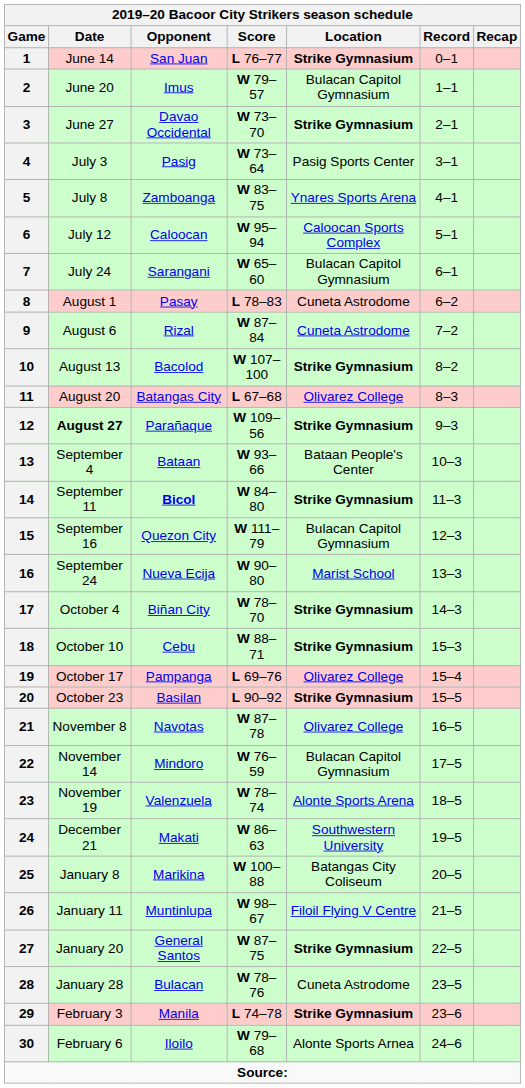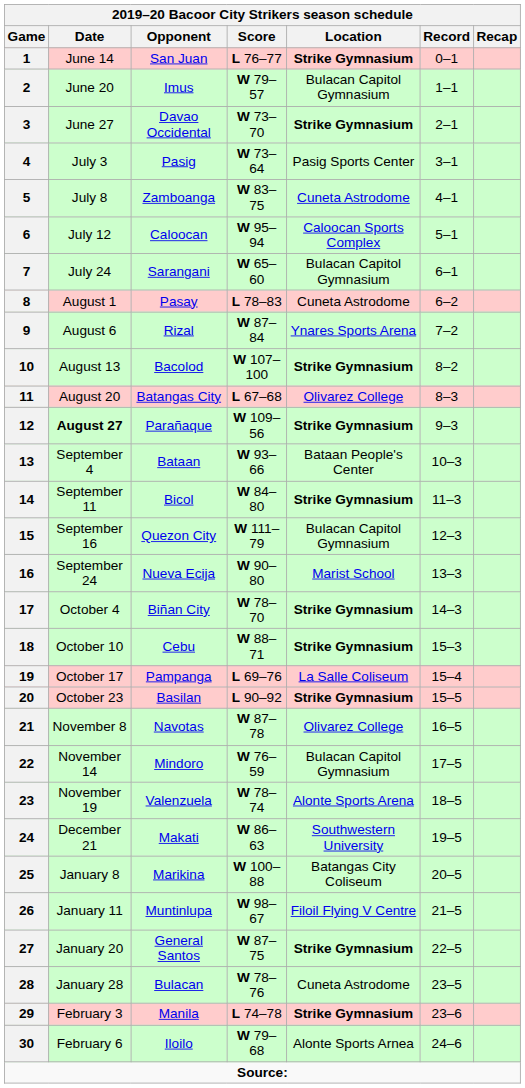 <table class="wikitable" style="text-align:center">
 <tr>
 <th colspan=7>2019–20 Bacoor City Strikers season schedule</th>
 </tr>
 <tr>
 <th>Game</th>
 <th>Date</th>
 <th>Opponent</th>
 <th>Score</th>
 <th>Location</th>
 <th>Record</th>
 <th>Recap<br></th>
 </tr>
 <tr style="background:#fcc">
 <th>1</th>
 <td>June 14</td>
 <td><a href='#'>San Juan</a></td>
 <td><strong>L</strong> 76–77</td>
 <td><strong>Strike Gymnasium</strong></td>
 <td>0–1</td>
 <td></td>
 </tr>
 <tr style="background:#cfc">
 <th>2</th>
 <td>June 20</td>
 <td><a href='#'>Imus</a></td>
 <td><strong>W</strong> 79–57</td>
 <td>Bulacan Capitol Gymnasium</td>
 <td>1–1</td>
 <td></td>
 </tr>
 <tr style="background:#cfc">
 <th>3</th>
 <td>June 27</td>
 <td><a href='#'>Davao Occidental</a></td>
 <td><strong>W</strong> 73–70</td>
 <td><strong>Strike Gymnasium</strong></td>
 <td>2–1</td>
 <td></td>
 </tr>
 <tr style="background:#cfc">
 <th>4</th>
 <td>July 3</td>
 <td><a href='#'>Pasig</a></td>
 <td><strong>W</strong> 73–64</td>
 <td>Pasig Sports Center</td>
 <td>3–1</td>
 <td></td>
 </tr>
 <tr style="background:#cfc">
 <th>5</th>
 <td>July 8</td>
 <td><a href='#'>Zamboanga</a></td>
 <td><strong>W</strong> 83–75</td>
-<td><a href='#'>Ynares Sports Arena</a></td>
+<td><a href='#'>Cuneta Astrodome</a></td>
 <td>4–1</td>
 <td></td>
 </tr>
 <tr style="background:#cfc">
 <th>6</th>
 <td>July 12</td>
 <td><a href='#'>Caloocan</a></td>
 <td><strong>W</strong> 95–94</td>
 <td><a href='#'>Caloocan Sports Complex</a></td>
 <td>5–1</td>
 <td></td>
 </tr>
 <tr style="background:#cfc">
 <th>7</th>
 <td>July 24</td>
 <td><a href='#'>Sarangani</a></td>
 <td><strong>W</strong> 65–60</td>
 <td>Bulacan Capitol Gymnasium</td>
 <td>6–1</td>
 <td></td>
 </tr>
 <tr style="background:#fcc">
 <th>8</th>
 <td>August 1</td>
 <td><a href='#'>Pasay</a></td>
 <td><strong>L</strong> 78–83</td>
 <td>Cuneta Astrodome</td>
 <td>6–2</td>
 <td></td>
 </tr>
 <tr style="background:#cfc">
 <th>9</th>
 <td>August 6</td>
 <td><a href='#'>Rizal</a></td>
 <td><strong>W</strong> 87–84</td>
-<td><a href='#'>Cuneta Astrodome</a></td>
+<td><a href='#'>Ynares Sports Arena</a></td>
 <td>7–2</td>
 <td></td>
 </tr>
 <tr style="background:#cfc">
 <th>10</th>
 <td>August 13</td>
 <td><a href='#'>Bacolod</a></td>
 <td><strong>W</strong> 107–100</td>
 <td><strong>Strike Gymnasium</strong></td>
 <td>8–2</td>
 <td></td>
 </tr>
 <tr style="background:#fcc">
 <th>11</th>
 <td>August 20</td>
 <td><a href='#'>Batangas City</a></td>
 <td><strong>L</strong> 67–68</td>
 <td><a href='#'>Olivarez College</a></td>
 <td>8–3</td>
 <td></td>
 </tr>
 <tr style="background:#cfc">
 <th>12</th>
 <td><strong>August 27</strong></td>
 <td><a href='#'>Parañaque</a></td>
 <td><strong>W</strong> 109–56</td>
 <td><strong>Strike Gymnasium</strong></td>
 <td>9–3</td>
 <td><br></td>
 </tr>
 <tr style="background:#cfc">
 <th>13</th>
 <td>September 4</td>
 <td><a href='#'>Bataan</a></td>
 <td><strong>W</strong> 93–66</td>
 <td>Bataan People's Center</td>
 <td>10–3</td>
 <td></td>
 </tr>
 <tr style="background:#cfc">
 <th>14</th>
 <td>September 11</td>
-<td><strong><a href='#'>Bicol</a></strong></td>
+<td><a href='#'>Bicol</a></td>
 <td><strong>W</strong> 84–80</td>
 <td><strong>Strike Gymnasium</strong></td>
 <td>11–3</td>
 <td></td>
 </tr>
 <tr style="background:#cfc">
 <th>15</th>
 <td>September 16</td>
 <td><a href='#'>Quezon City</a></td>
 <td><strong>W</strong> 111–79</td>
 <td>Bulacan Capitol Gymnasium</td>
 <td>12–3</td>
 <td></td>
 </tr>
 <tr style="background:#cfc">
 <th>16</th>
 <td>September 24</td>
 <td><a href='#'>Nueva Ecija</a></td>
 <td><strong>W</strong> 90–80</td>
 <td><a href='#'>Marist School</a></td>
 <td>13–3</td>
 <td></td>
 </tr>
 <tr style="background:#cfc">
 <th>17</th>
 <td>October 4</td>
 <td><a href='#'>Biñan City</a></td>
 <td><strong>W</strong> 78–70</td>
 <td><strong>Strike Gymnasium</strong></td>
 <td>14–3</td>
 <td></td>
 </tr>
 <tr style="background:#cfc">
 <th>18</th>
 <td>October 10</td>
 <td><a href='#'>Cebu</a></td>
 <td><strong>W</strong> 88–71</td>
 <td><strong>Strike Gymnasium</strong></td>
 <td>15–3</td>
 <td></td>
 </tr>
 <tr style="background:#fcc">
 <th>19</th>
 <td>October 17</td>
 <td><a href='#'>Pampanga</a></td>
 <td><strong>L</strong> 69–76</td>
-<td><a href='#'>Olivarez College</a></td>
+<td><a href='#'>La Salle Coliseum</a></td>
 <td>15–4</td>
 <td></td>
 </tr>
 <tr style="background:#fcc">
 <th>20</th>
 <td>October 23</td>
 <td><a href='#'>Basilan</a></td>
 <td><strong>L</strong> 90–92</td>
 <td><strong>Strike Gymnasium</strong></td>
 <td>15–5</td>
 <td></td>
 </tr>
 <tr style="background:#cfc">
 <th>21</th>
 <td>November 8</td>
 <td><a href='#'>Navotas</a></td>
 <td><strong>W</strong> 87–78</td>
 <td><a href='#'>Olivarez College</a></td>
 <td>16–5</td>
 <td></td>
 </tr>
 <tr style="background:#cfc">
 <th>22</th>
 <td>November 14</td>
 <td><a href='#'>Mindoro</a></td>
 <td><strong>W</strong> 76–59</td>
 <td>Bulacan Capitol Gymnasium</td>
 <td>17–5</td>
 <td></td>
 </tr>
 <tr style="background:#cfc">
 <th>23</th>
 <td>November 19</td>
 <td><a href='#'>Valenzuela</a></td>
 <td><strong>W</strong> 78–74</td>
 <td><a href='#'>Alonte Sports Arena</a></td>
 <td>18–5</td>
 <td><br></td>
 </tr>
 <tr style="background:#cfc">
 <th>24</th>
 <td>December 21</td>
 <td><a href='#'>Makati</a></td>
 <td><strong>W</strong> 86–63</td>
 <td><a href='#'>Southwestern University</a></td>
 <td>19–5</td>
 <td></td>
 </tr>
 <tr style="background:#cfc">
 <th>25</th>
 <td>January 8</td>
 <td><a href='#'>Marikina</a></td>
 <td><strong>W</strong> 100–88</td>
 <td>Batangas City Coliseum</td>
 <td>20–5</td>
 <td></td>
 </tr>
 <tr style="background:#cfc">
 <th>26</th>
 <td>January 11</td>
 <td><a href='#'>Muntinlupa</a></td>
 <td><strong>W</strong> 98–67</td>
 <td><a href='#'>Filoil Flying V Centre</a></td>
 <td>21–5</td>
 <td></td>
 </tr>
 <tr style="background:#cfc">
 <th>27</th>
 <td>January 20</td>
 <td><a href='#'>General Santos</a></td>
 <td><strong>W</strong> 87–75</td>
 <td><strong>Strike Gymnasium</strong></td>
 <td>22–5</td>
 <td></td>
 </tr>
 <tr style="background:#cfc">
 <th>28</th>
 <td>January 28</td>
 <td><a href='#'>Bulacan</a></td>
 <td><strong>W</strong> 78–76</td>
 <td>Cuneta Astrodome</td>
 <td>23–5</td>
 <td></td>
 </tr>
 <tr style="background:#fcc">
 <th>29</th>
 <td>February 3</td>
 <td><a href='#'>Manila</a></td>
 <td><strong>L</strong> 74–78</td>
 <td><strong>Strike Gymnasium</strong></td>
 <td>23–6</td>
 <td></td>
 </tr>
 <tr style="background:#cfc">
 <th>30</th>
 <td>February 6</td>
 <td><a href='#'>Iloilo</a></td>
 <td><strong>W</strong> 79–68</td>
 <td>Alonte Sports Arnea</td>
 <td>24–6</td>
 <td></td>
 </tr>
 <tr>
 <td colspan=7 align=center><strong>Source: </strong></td>
 </tr>
 </table>
